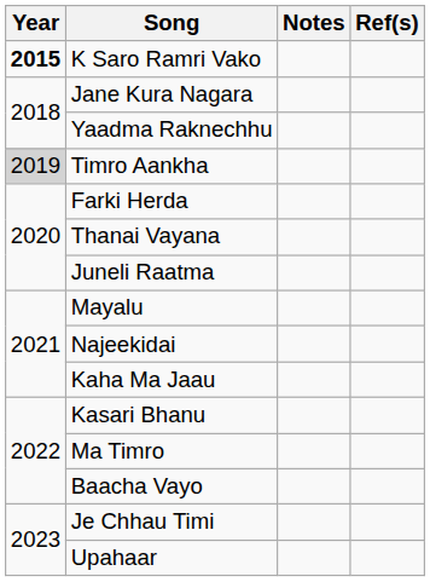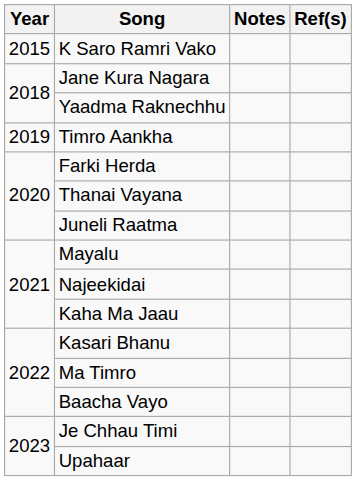 <table class="wikitable">
 <tr>
 <th>Year</th>
 <th>Song</th>
 <th>Notes</th>
 <th>Ref(s)</th>
 </tr>
 <tr>
-<td><strong>2015</strong></td>
+<td>2015</td>
 <td>K Saro Ramri Vako</td>
 <td></td>
 <td></td>
 </tr>
 <tr>
 <td rowspan="2">2018</td>
 <td>Jane Kura Nagara</td>
 <td></td>
 <td></td>
 </tr>
 <tr>
 <td>Yaadma Raknechhu</td>
 <td></td>
 <td></td>
 </tr>
 <tr>
-<td style="background: lightgrey;">2019</td>
+<td>2019</td>
 <td>Timro Aankha</td>
 <td></td>
 <td></td>
 </tr>
 <tr>
 <td rowspan="3">2020</td>
 <td>Farki Herda</td>
 <td></td>
 <td></td>
 </tr>
 <tr>
 <td>Thanai Vayana</td>
 <td></td>
 <td></td>
 </tr>
 <tr>
 <td>Juneli Raatma</td>
 <td></td>
 <td></td>
 </tr>
 <tr>
 <td rowspan="3">2021</td>
 <td>Mayalu</td>
 <td></td>
 <td></td>
 </tr>
 <tr>
 <td>Najeekidai</td>
 <td></td>
 <td></td>
 </tr>
 <tr>
 <td>Kaha Ma Jaau</td>
 <td></td>
 <td></td>
 </tr>
 <tr>
 <td rowspan="3">2022</td>
 <td>Kasari Bhanu</td>
 <td></td>
 <td></td>
 </tr>
 <tr>
 <td>Ma Timro</td>
 <td></td>
 <td></td>
 </tr>
 <tr>
 <td>Baacha Vayo</td>
 <td></td>
 <td></td>
 </tr>
 <tr>
 <td rowspan="2">2023</td>
 <td>Je Chhau Timi</td>
 <td></td>
 <td></td>
 </tr>
 <tr>
 <td>Upahaar</td>
 <td></td>
 <td></td>
 </tr>
 </table>
